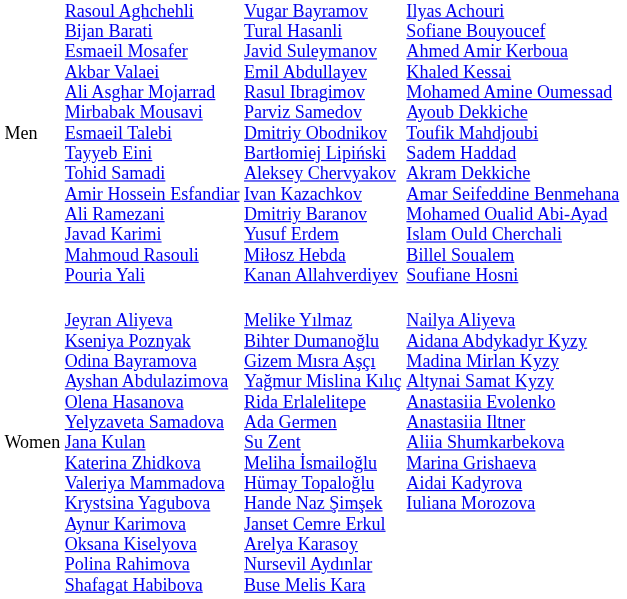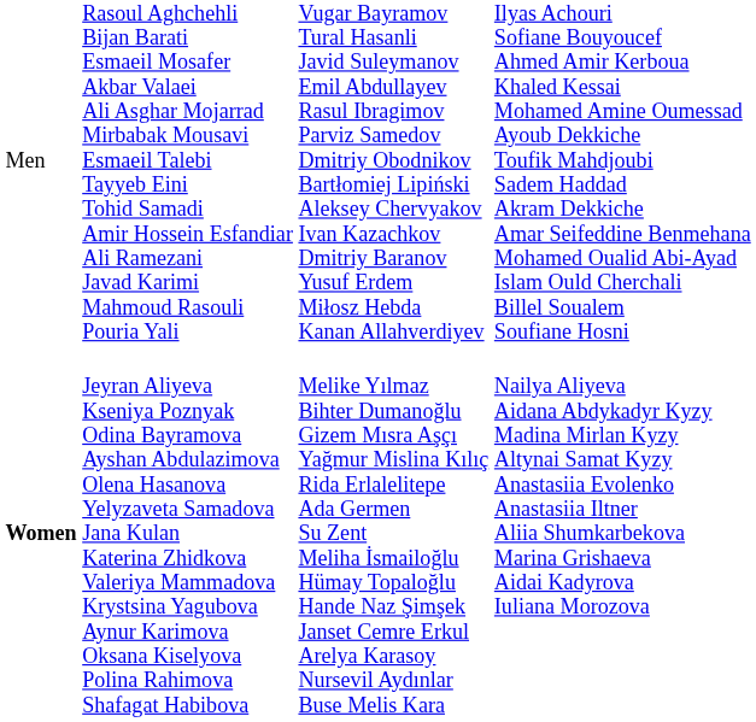 <table>
 <tr>
 <td>Men</td>
 <td><br><a href='#'>Rasoul Aghchehli</a><br><a href='#'>Bijan Barati</a><br><a href='#'>Esmaeil Mosafer</a><br><a href='#'>Akbar Valaei</a><br><a href='#'>Ali Asghar Mojarrad</a><br><a href='#'>Mirbabak Mousavi</a><br><a href='#'>Esmaeil Talebi</a><br><a href='#'>Tayyeb Eini</a><br><a href='#'>Tohid Samadi</a><br><a href='#'>Amir Hossein Esfandiar</a><br><a href='#'>Ali Ramezani</a><br><a href='#'>Javad Karimi</a><br><a href='#'>Mahmoud Rasouli</a><br><a href='#'>Pouria Yali</a></td>
 <td><br><a href='#'>Vugar Bayramov</a><br><a href='#'>Tural Hasanli</a><br><a href='#'>Javid Suleymanov</a><br><a href='#'>Emil Abdullayev</a><br><a href='#'>Rasul Ibragimov</a><br><a href='#'>Parviz Samedov</a><br><a href='#'>Dmitriy Obodnikov</a><br><a href='#'>Bartłomiej Lipiński</a><br><a href='#'>Aleksey Chervyakov</a><br><a href='#'>Ivan Kazachkov</a><br><a href='#'>Dmitriy Baranov</a><br><a href='#'>Yusuf Erdem</a><br><a href='#'>Miłosz Hebda</a><br><a href='#'>Kanan Allahverdiyev</a></td>
 <td><br><a href='#'>Ilyas Achouri</a><br><a href='#'>Sofiane Bouyoucef</a><br><a href='#'>Ahmed Amir Kerboua</a><br><a href='#'>Khaled Kessai</a><br><a href='#'>Mohamed Amine Oumessad</a><br><a href='#'>Ayoub Dekkiche</a><br><a href='#'>Toufik Mahdjoubi</a><br><a href='#'>Sadem Haddad</a><br><a href='#'>Akram Dekkiche</a><br><a href='#'>Amar Seifeddine Benmehana</a><br><a href='#'>Mohamed Oualid Abi-Ayad</a><br><a href='#'>Islam Ould Cherchali</a><br><a href='#'>Billel Soualem</a><br><a href='#'>Soufiane Hosni</a></td>
 </tr>
 <tr>
-<td>Women</td>
+<td><strong>Women</strong></td>
 <td><br><a href='#'>Jeyran Aliyeva</a><br><a href='#'>Kseniya Poznyak</a><br><a href='#'>Odina Bayramova</a><br><a href='#'>Ayshan Abdulazimova</a><br><a href='#'>Olena Hasanova</a><br><a href='#'>Yelyzaveta Samadova</a><br><a href='#'>Jana Kulan</a><br><a href='#'>Katerina Zhidkova</a><br><a href='#'>Valeriya Mammadova</a><br><a href='#'>Krystsina Yagubova</a><br><a href='#'>Aynur Karimova</a><br><a href='#'>Oksana Kiselyova</a><br><a href='#'>Polina Rahimova</a><br><a href='#'>Shafagat Habibova</a></td>
 <td><br><a href='#'>Melike Yılmaz</a><br><a href='#'>Bihter Dumanoğlu</a><br><a href='#'>Gizem Mısra Aşçı</a><br><a href='#'>Yağmur Mislina Kılıç</a><br><a href='#'>Rida Erlalelitepe</a><br><a href='#'>Ada Germen</a><br><a href='#'>Su Zent</a><br><a href='#'>Meliha İsmailoğlu</a><br><a href='#'>Hümay Topaloğlu</a><br><a href='#'>Hande Naz Şimşek</a><br><a href='#'>Janset Cemre Erkul</a><br><a href='#'>Arelya Karasoy</a><br><a href='#'>Nursevil Aydınlar</a><br><a href='#'>Buse Melis Kara</a></td>
 <td valign=top><br><a href='#'>Nailya Aliyeva</a><br><a href='#'>Aidana Abdykadyr Kyzy</a><br><a href='#'>Madina Mirlan Kyzy</a><br><a href='#'>Altynai Samat Kyzy</a><br><a href='#'>Anastasiia Evolenko</a><br><a href='#'>Anastasiia Iltner</a><br><a href='#'>Aliia Shumkarbekova</a><br><a href='#'>Marina Grishaeva</a><br><a href='#'>Aidai Kadyrova</a><br><a href='#'>Iuliana Morozova</a></td>
 </tr>
 </table>
